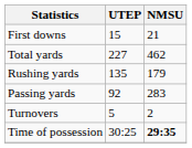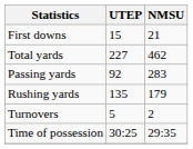 <table class="wikitable" style="float: left;">
 <tr>
 <th>Statistics</th>
 <th>UTEP</th>
 <th>NMSU</th>
 </tr>
 <tr>
 <td>First downs</td>
 <td>15</td>
 <td>21</td>
 </tr>
 <tr>
 <td>Total yards</td>
 <td>227</td>
 <td>462</td>
 </tr>
 <tr>
+<td>Passing yards</td>
+<td>92</td>
+<td>283</td>
+</tr>
+<tr>
 <td>Rushing yards</td>
 <td>135</td>
 <td>179</td>
-</tr>
-<tr>
-<td>Passing yards</td>
-<td>92</td>
-<td>283</td>
 </tr>
 <tr>
 <td>Turnovers</td>
 <td>5</td>
 <td>2</td>
 </tr>
 <tr>
 <td>Time of possession</td>
 <td>30:25</td>
-<td><strong>29:35</strong></td>
+<td>29:35</td>
 </tr>
 <tr>
 </tr>
 </table>
